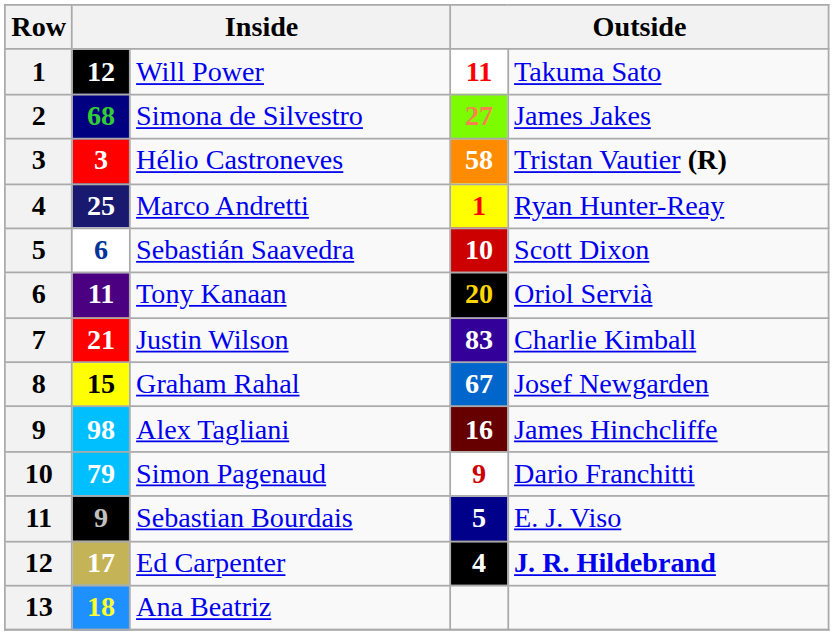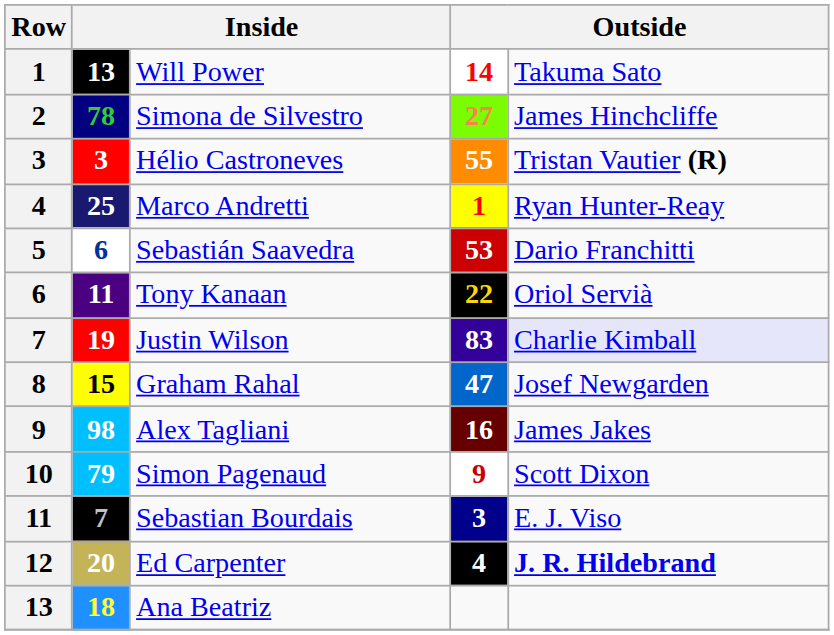 <table class="wikitable" " style="fontsize:95%">
 <tr>
 <th width="25">Row</th>
 <th colspan=2 width="200">Inside</th>
 <th colspan=2 width="200">Outside</th>
 </tr>
 <tr>
 <th>1</th>
-<td style="background:black; color:white;" align="center" width="25"><strong>12</strong></td>
+<td style="background:black; color:white;" align="center" width="25"><strong>13</strong></td>
 <td width="175"> <a href='#'>Will Power</a></td>
-<td style="background:white; color:red;" align="center" width="25"><strong>11</strong></td>
+<td style="background:white; color:red;" align="center" width="25"><strong>14</strong></td>
 <td width="175"> <a href='#'>Takuma Sato</a></td>
 </tr>
 <tr>
 <th>2</th>
-<td style="background:navy; color:limegreen;" align="center" width="25"><strong>68</strong></td>
+<td style="background:navy; color:limegreen;" align="center" width="25"><strong>78</strong></td>
 <td width="175"> <a href='#'>Simona de Silvestro</a></td>
 <td style="background:lawngreen; color:coral;" align="center" width="25"><strong>27</strong></td>
-<td width="175"> <a href='#'>James Jakes</a></td>
+<td width="175"> <a href='#'>James Hinchcliffe</a></td>
 </tr>
 <tr>
 <th>3</th>
 <td style="background:red; color:white;" align="center" width="25"><strong>3</strong></td>
 <td width="175"> <a href='#'>Hélio Castroneves</a></td>
-<td style="background:darkorange; color:white;" align="center" width="25"><strong>58</strong></td>
+<td style="background:darkorange; color:white;" align="center" width="25"><strong>55</strong></td>
 <td width="175"> <a href='#'>Tristan Vautier</a> <strong>(R)</strong></td>
 </tr>
 <tr>
 <th>4</th>
 <td style="background:midnightblue; color:white;" align="center" width="25"><strong>25</strong></td>
 <td width="175"> <a href='#'>Marco Andretti</a></td>
 <td style="background:yellow; color:red;" align="center" width="25"><strong>1</strong></td>
 <td width="175"> <a href='#'>Ryan Hunter-Reay</a></td>
 </tr>
 <tr>
 <th>5</th>
 <td style="background:white; color:#003399;" align="center" width="25"><strong>6</strong></td>
 <td width="175"> <a href='#'>Sebastián Saavedra</a></td>
-<td style="background:#CC0000; color:white;" align="center" width="25"><strong>10</strong></td>
-<td width="175"> <a href='#'>Scott Dixon</a></td>
+<td style="background:#CC0000; color:white;" align="center" width="25"><strong>53</strong></td>
+<td width="175"> <a href='#'>Dario Franchitti</a></td>
 </tr>
 <tr>
 <th>6</th>
 <td style="background:indigo; color:white;" align="center" width="25"><strong>11</strong></td>
 <td width="175"> <a href='#'>Tony Kanaan</a></td>
-<td style="background:black; color:gold;" align="center" width="25"><strong>20</strong></td>
+<td style="background:black; color:gold;" align="center" width="25"><strong>22</strong></td>
 <td width="175"> <a href='#'>Oriol Servià</a></td>
 </tr>
 <tr>
 <th>7</th>
-<td style="background:red; color:white;" align="center" width="25"><strong>21</strong></td>
+<td style="background:red; color:white;" align="center" width="25"><strong>19</strong></td>
 <td width="175"> <a href='#'>Justin Wilson</a></td>
 <td style="background:#330099; color:white;" align="center" width="25"><strong>83</strong></td>
-<td width="175"> <a href='#'>Charlie Kimball</a></td>
+<td width="175" style="background: lavender;"> <a href='#'>Charlie Kimball</a></td>
 </tr>
 <tr>
 <th>8</th>
 <td style="background:yellow; color:black;" align="center" width="25"><strong>15</strong></td>
 <td width="175"> <a href='#'>Graham Rahal</a></td>
-<td style="background:#0066CC; color:white;" align="center" width="25"><strong>67</strong></td>
+<td style="background:#0066CC; color:white;" align="center" width="25"><strong>47</strong></td>
 <td width="175"> <a href='#'>Josef Newgarden</a></td>
 </tr>
 <tr>
 <th>9</th>
 <td style="background:deepskyblue; color:white;" align="center" width="25"><strong>98</strong></td>
 <td width="175"> <a href='#'>Alex Tagliani</a></td>
 <td style="background:#660000; color:white;" align="center" width="25"><strong>16</strong></td>
-<td width="175"> <a href='#'>James Hinchcliffe</a></td>
+<td width="175"> <a href='#'>James Jakes</a></td>
 </tr>
 <tr>
 <th>10</th>
 <td style="background:deepskyblue; color:white;" align="center" width="25"><strong>79</strong></td>
 <td width="175"> <a href='#'>Simon Pagenaud</a></td>
 <td style="background:white; color:#CC0000;" align="center" width="25"><strong>9</strong></td>
-<td width="175"> <a href='#'>Dario Franchitti</a></td>
+<td width="175"> <a href='#'>Scott Dixon</a></td>
 </tr>
 <tr>
 <th>11</th>
-<td style="background:black; color:silver;" align="center" width="25"><strong>9</strong></td>
+<td style="background:black; color:silver;" align="center" width="25"><strong>7</strong></td>
 <td width="175"> <a href='#'>Sebastian Bourdais</a></td>
-<td style="background:darkblue; color:white;" align="center" width="25"><strong>5</strong></td>
+<td style="background:darkblue; color:white;" align="center" width="25"><strong>3</strong></td>
 <td width="175"> <a href='#'>E. J. Viso</a></td>
 </tr>
 <tr>
 <th>12</th>
-<td style="background:#C5B358; color:white;" align="center" width="25"><strong>17</strong></td>
+<td style="background:#C5B358; color:white;" align="center" width="25"><strong>20</strong></td>
 <td width="175"> <a href='#'>Ed Carpenter</a></td>
 <td style="background:black; color:white;" align="center" width="25"><strong>4</strong></td>
 <td width="175"><strong> <a href='#'>J. R. Hildebrand</a></strong></td>
 </tr>
 <tr>
 <th>13</th>
 <td style="background:dodgerblue; color:#FFFF33;" align="center" width="25"><strong>18</strong></td>
 <td width="175"> <a href='#'>Ana Beatriz</a></td>
 <td></td>
 <td></td>
 </tr>
 <tr>
 </tr>
 </table>
